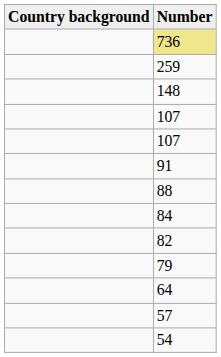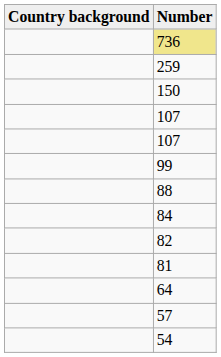 <table class="wikitable" style="float: center;">
 <tr>
 <th style="background:#efefef;">Country background</th>
 <th style="background:#efefef;">Number</th>
 </tr>
 <tr>
 <td></td>
 <td style="background: khaki;">736</td>
 </tr>
 <tr>
 <td></td>
 <td>259</td>
 </tr>
 <tr>
 <td></td>
-<td>148</td>
+<td>150</td>
 </tr>
 <tr>
 <td></td>
 <td>107</td>
 </tr>
 <tr>
 <td></td>
 <td>107</td>
 </tr>
 <tr>
 <td></td>
-<td>91</td>
+<td>99</td>
 </tr>
 <tr>
 <td></td>
 <td>88</td>
 </tr>
 <tr>
 <td></td>
 <td>84</td>
 </tr>
 <tr>
 <td></td>
 <td>82</td>
 </tr>
 <tr>
 <td></td>
-<td>79</td>
+<td>81</td>
 </tr>
 <tr>
 <td></td>
 <td>64</td>
 </tr>
 <tr>
 <td></td>
 <td>57</td>
 </tr>
 <tr>
 <td></td>
 <td>54</td>
 </tr>
 </table>
